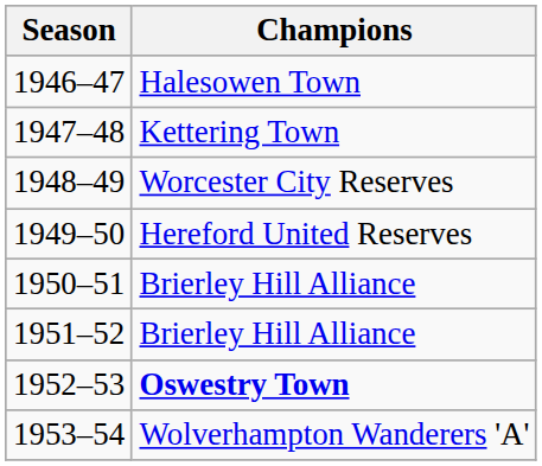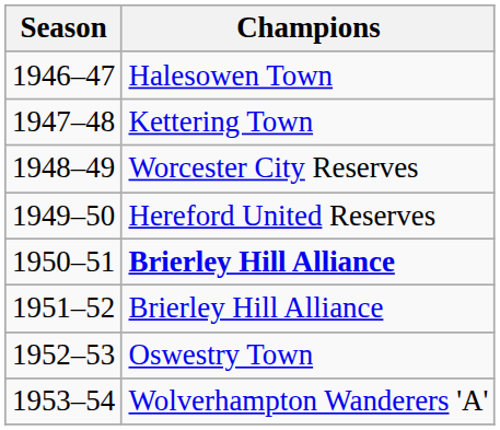 <table class="wikitable" style="text-align: left">
 <tr>
 <th>Season</th>
 <th>Champions</th>
 </tr>
 <tr>
 <td>1946–47</td>
 <td><a href='#'>Halesowen Town</a></td>
 </tr>
 <tr>
 <td>1947–48</td>
 <td><a href='#'>Kettering Town</a></td>
 </tr>
 <tr>
 <td>1948–49</td>
 <td><a href='#'>Worcester City</a> Reserves</td>
 </tr>
 <tr>
 <td>1949–50</td>
 <td><a href='#'>Hereford United</a> Reserves</td>
 </tr>
 <tr>
 <td>1950–51</td>
-<td><a href='#'>Brierley Hill Alliance</a></td>
+<td><strong><a href='#'>Brierley Hill Alliance</a></strong></td>
 </tr>
 <tr>
 <td>1951–52</td>
 <td><a href='#'>Brierley Hill Alliance</a></td>
 </tr>
 <tr>
 <td>1952–53</td>
-<td><strong><a href='#'>Oswestry Town</a></strong></td>
+<td><a href='#'>Oswestry Town</a></td>
 </tr>
 <tr>
 <td>1953–54</td>
 <td><a href='#'>Wolverhampton Wanderers</a> 'A'</td>
 </tr>
 </table>
